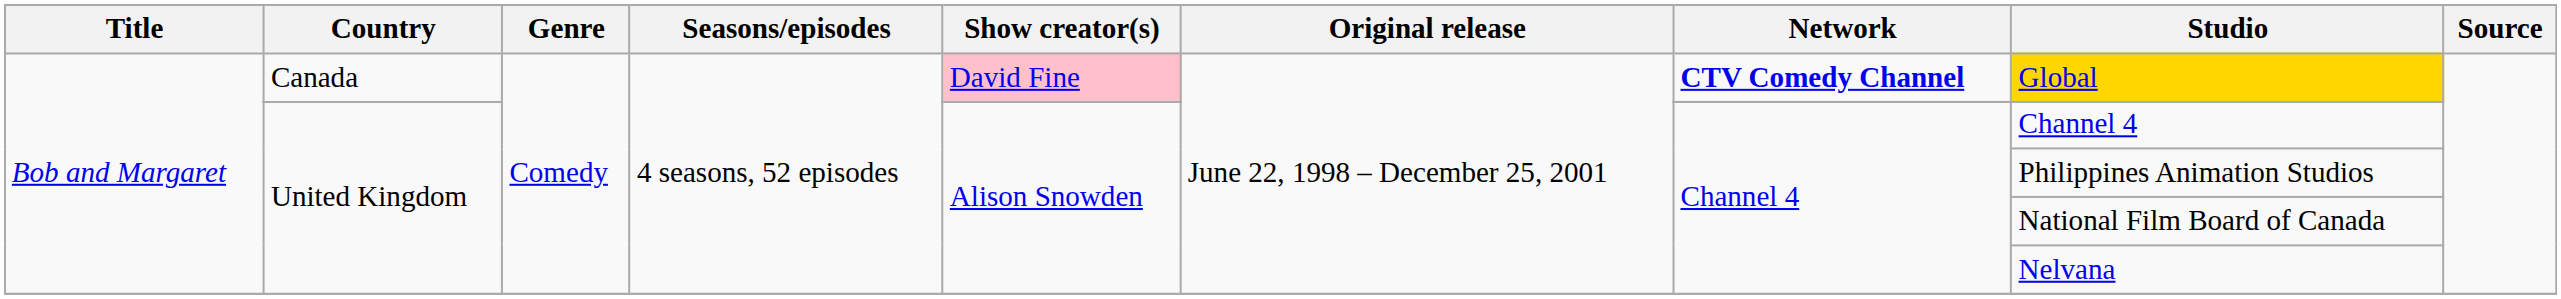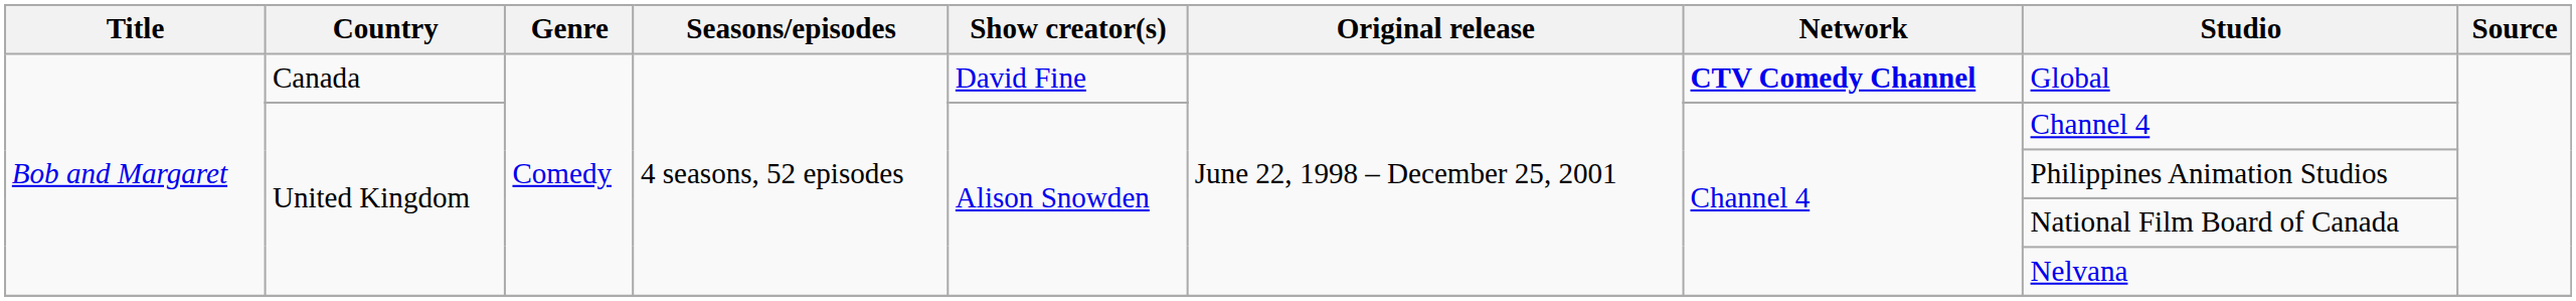 <table class="wikitable sortable" style="text-align: left; font-size:90%; width:100%;">
 <tr>
 <th scope="col">Title</th>
 <th scope="col">Country</th>
 <th scope="col">Genre</th>
 <th scope="col">Seasons/episodes</th>
 <th scope="col">Show creator(s)</th>
 <th scope="col">Original release</th>
 <th scope="col">Network</th>
 <th scope="col">Studio</th>
 <th scope= "col">Source</th>
 </tr>
 <tr>
 <td rowspan="6"><em><a href='#'>Bob and Margaret</a></em></td>
 <td>Canada</td>
 <td rowspan="6"><a href='#'>Comedy</a></td>
 <td rowspan="6">4 seasons, 52 episodes</td>
-<td style="background: pink;"><a href='#'>David Fine</a></td>
+<td><a href='#'>David Fine</a></td>
 <td rowspan="6">June 22, 1998 – December 25, 2001</td>
 <td><strong><a href='#'>CTV Comedy Channel</a></strong></td>
-<td style="background: gold;"><a href='#'>Global</a></td>
+<td><a href='#'>Global</a></td>
 <td rowspan="6"></td>
 </tr>
 <tr>
 <td rowspan="5">United Kingdom</td>
 <td rowspan="5"><a href='#'>Alison Snowden</a></td>
 </tr>
 <tr>
 <td rowspan="4"><a href='#'>Channel 4</a></td>
 <td><a href='#'>Channel 4</a></td>
 </tr>
 <tr>
 <td>Philippines Animation Studios</td>
 </tr>
 <tr>
 <td>National Film Board of Canada</td>
 </tr>
 <tr>
 <td><a href='#'>Nelvana</a></td>
 </tr>
 <tr>
 </tr>
 </table>
